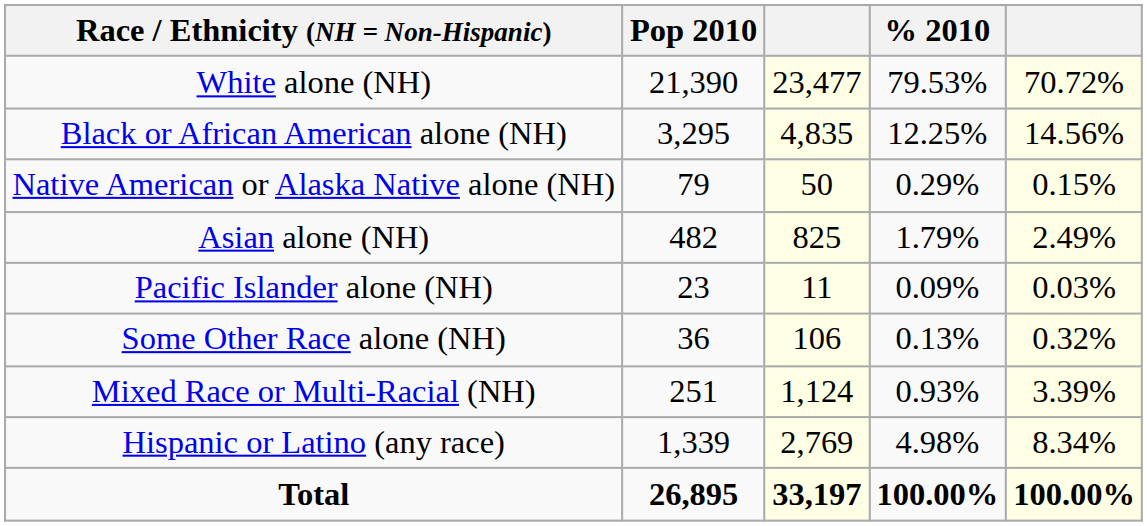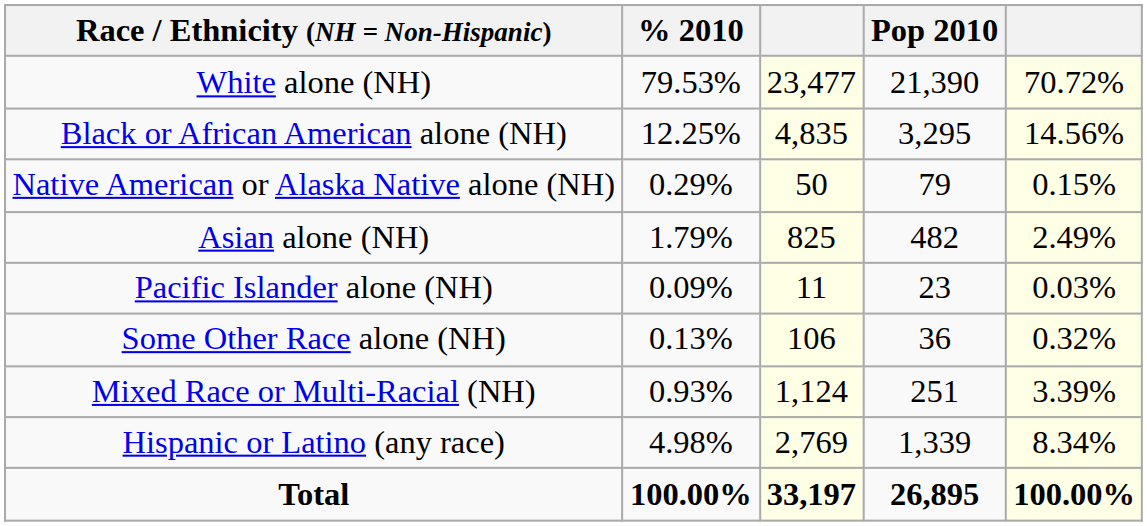 <table class="wikitable" style="text-align:center;">
 <tr>
 <th>Race / Ethnicity <small>(<em>NH = Non-Hispanic</em>)</small></th>
+<th>% 2010</th>
+<th></th>
 <th>Pop 2010</th>
-<th></th>
-<th>% 2010</th>
 <th></th>
 </tr>
 <tr>
 <td><a href='#'>White</a> alone (NH)</td>
+<td>79.53%</td>
+<td style='background: #ffffe6;'>23,477</td>
 <td>21,390</td>
-<td style='background: #ffffe6;'>23,477</td>
-<td>79.53%</td>
 <td style='background: #ffffe6;'>70.72%</td>
 </tr>
 <tr>
 <td><a href='#'>Black or African American</a> alone (NH)</td>
+<td>12.25%</td>
+<td style='background: #ffffe6;'>4,835</td>
 <td>3,295</td>
-<td style='background: #ffffe6;'>4,835</td>
-<td>12.25%</td>
 <td style='background: #ffffe6;'>14.56%</td>
 </tr>
 <tr>
 <td><a href='#'>Native American</a> or <a href='#'>Alaska Native</a> alone (NH)</td>
+<td>0.29%</td>
+<td style='background: #ffffe6;'>50</td>
 <td>79</td>
-<td style='background: #ffffe6;'>50</td>
-<td>0.29%</td>
 <td style='background: #ffffe6;'>0.15%</td>
 </tr>
 <tr>
 <td><a href='#'>Asian</a> alone (NH)</td>
+<td>1.79%</td>
+<td style='background: #ffffe6;'>825</td>
 <td>482</td>
-<td style='background: #ffffe6;'>825</td>
-<td>1.79%</td>
 <td style='background: #ffffe6;'>2.49%</td>
 </tr>
 <tr>
 <td><a href='#'>Pacific Islander</a> alone (NH)</td>
+<td>0.09%</td>
+<td style='background: #ffffe6;'>11</td>
 <td>23</td>
-<td style='background: #ffffe6;'>11</td>
-<td>0.09%</td>
 <td style='background: #ffffe6;'>0.03%</td>
 </tr>
 <tr>
 <td><a href='#'>Some Other Race</a> alone (NH)</td>
+<td>0.13%</td>
+<td style='background: #ffffe6;'>106</td>
 <td>36</td>
-<td style='background: #ffffe6;'>106</td>
-<td>0.13%</td>
 <td style='background: #ffffe6;'>0.32%</td>
 </tr>
 <tr>
 <td><a href='#'>Mixed Race or Multi-Racial</a> (NH)</td>
+<td>0.93%</td>
+<td style='background: #ffffe6;'>1,124</td>
 <td>251</td>
-<td style='background: #ffffe6;'>1,124</td>
-<td>0.93%</td>
 <td style='background: #ffffe6;'>3.39%</td>
 </tr>
 <tr>
 <td><a href='#'>Hispanic or Latino</a> (any race)</td>
+<td>4.98%</td>
+<td style='background: #ffffe6;'>2,769</td>
 <td>1,339</td>
-<td style='background: #ffffe6;'>2,769</td>
-<td>4.98%</td>
 <td style='background: #ffffe6;'>8.34%</td>
 </tr>
 <tr>
 <td><strong>Total</strong></td>
+<td><strong>100.00%</strong></td>
+<td style='background: #ffffe6;'><strong>33,197</strong></td>
 <td><strong>26,895</strong></td>
-<td style='background: #ffffe6;'><strong>33,197</strong></td>
-<td><strong>100.00%</strong></td>
 <td style='background: #ffffe6;'><strong>100.00%</strong></td>
 </tr>
 </table>
